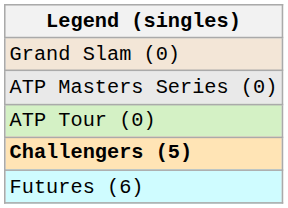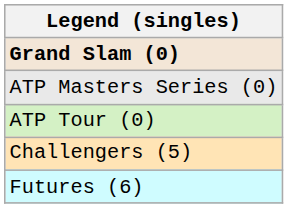 <table class="wikitable">
 <tr>
 <th>Legend (singles)</th>
 </tr>
 <tr style="background:#f3e6d7;">
-<td>Grand Slam (0)</td>
+<td><strong>Grand Slam (0)</strong></td>
 </tr>
 <tr style="background:#e9e9e9;">
 <td>ATP Masters Series (0)</td>
 </tr>
 <tr style="background:#d4f1c5;">
 <td>ATP Tour (0)</td>
 </tr>
 <tr style="background:moccasin;">
-<td><strong>Challengers (5)</strong></td>
+<td>Challengers (5)</td>
 </tr>
 <tr style="background:#cffcff;">
 <td>Futures (6)</td>
 </tr>
 </table>
